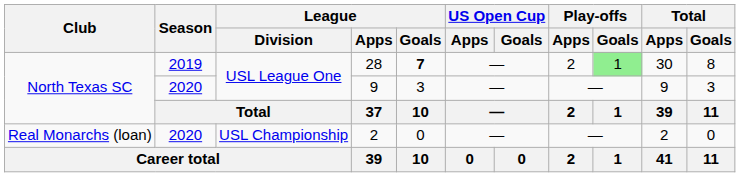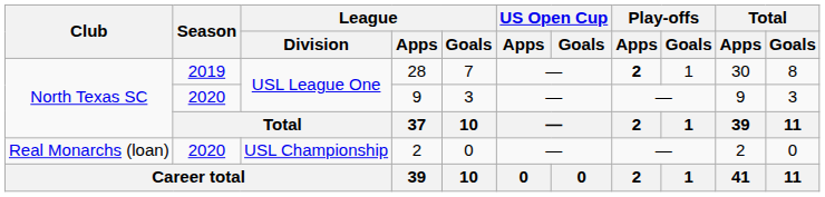 <table class="wikitable" style="text-align:center">
 <tr>
 <th rowspan="2">Club</th>
 <th rowspan="2">Season</th>
 <th colspan="3">League</th>
 <th colspan="2"><a href='#'>US Open Cup</a></th>
 <th colspan="2">Play-offs</th>
 <th colspan="2">Total</th>
 </tr>
 <tr>
 <th>Division</th>
 <th>Apps</th>
 <th>Goals</th>
 <th>Apps</th>
 <th>Goals</th>
 <th>Apps</th>
 <th>Goals</th>
 <th>Apps</th>
 <th>Goals</th>
 </tr>
 <tr>
 <td rowspan="3"><a href='#'>North Texas SC</a></td>
 <td><a href='#'>2019</a></td>
 <td rowspan="2"><a href='#'>USL League One</a></td>
 <td>28</td>
-<td><strong>7</strong></td>
+<td>7</td>
 <td colspan="2">—</td>
-<td>2</td>
-<td style="background: lightgreen;">1</td>
+<td><strong>2</strong></td>
+<td>1</td>
 <td>30</td>
 <td>8</td>
 </tr>
 <tr>
 <td><a href='#'>2020</a></td>
 <td>9</td>
 <td>3</td>
 <td colspan="2">—</td>
 <td colspan="2">—</td>
 <td>9</td>
 <td>3</td>
 </tr>
 <tr>
 <th colspan="2">Total</th>
 <th>37</th>
 <th>10</th>
 <th colspan="2">—</th>
 <th>2</th>
 <th>1</th>
 <th>39</th>
 <th>11</th>
 </tr>
 <tr>
 <td><a href='#'>Real Monarchs</a> (loan)</td>
 <td><a href='#'>2020</a></td>
 <td><a href='#'>USL Championship</a></td>
 <td>2</td>
 <td>0</td>
 <td colspan="2">—</td>
 <td colspan="2">—</td>
 <td>2</td>
 <td>0</td>
 </tr>
 <tr>
 <th colspan="3">Career total</th>
 <th>39</th>
 <th>10</th>
 <th>0</th>
 <th>0</th>
 <th>2</th>
 <th>1</th>
 <th>41</th>
 <th>11</th>
 </tr>
 </table>
